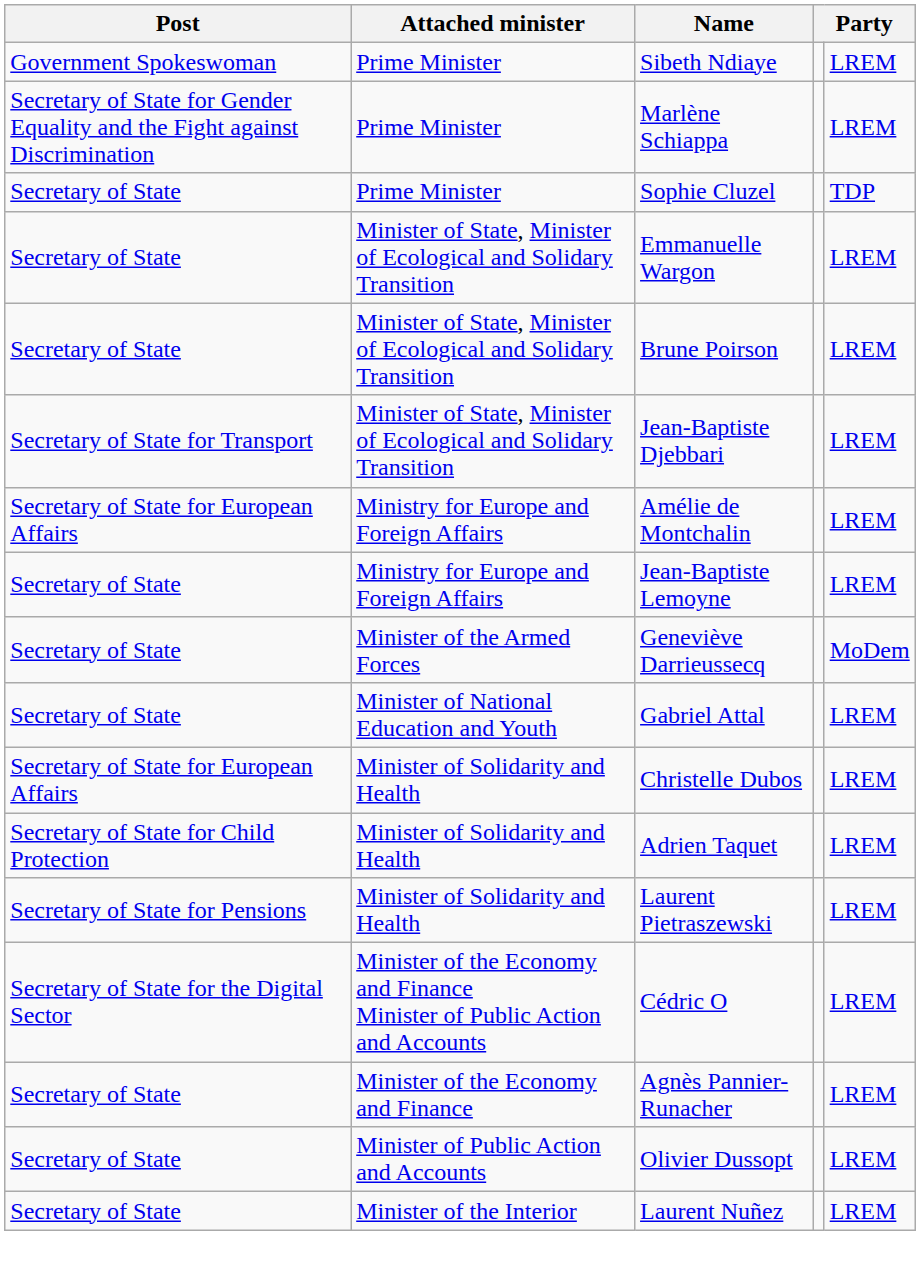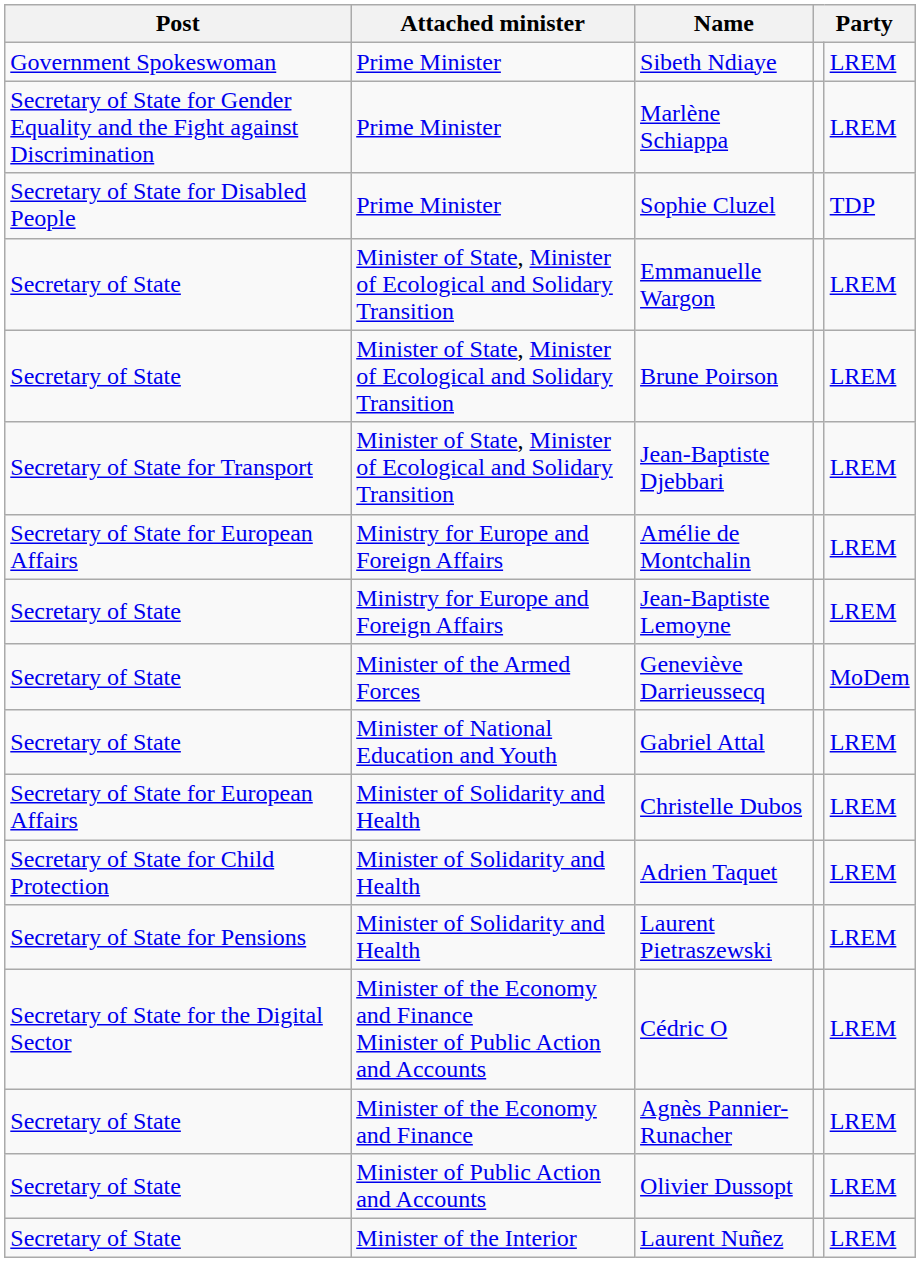 <table class="wikitable">
 <tr>
 <th scope="col">Post</th>
 <th scope="col">Attached minister</th>
 <th scope="col">Name</th>
 <th colspan="2" cope="col">Party</th>
 </tr>
 <tr>
 <td><a href='#'>Government Spokeswoman</a></td>
 <td><a href='#'>Prime Minister</a></td>
 <td><a href='#'>Sibeth Ndiaye</a></td>
 <td style="background:"></td>
 <td><a href='#'>LREM</a></td>
 </tr>
 <tr>
 <td><a href='#'>Secretary of State for Gender Equality and the Fight against Discrimination</a></td>
 <td><a href='#'>Prime Minister</a></td>
 <td><a href='#'>Marlène Schiappa</a></td>
 <td style="background:"></td>
 <td><a href='#'>LREM</a></td>
 </tr>
 <tr>
-<td><a href='#'>Secretary of State</a></td>
+<td><a href='#'>Secretary of State for Disabled People</a></td>
 <td><a href='#'>Prime Minister</a></td>
 <td><a href='#'>Sophie Cluzel</a></td>
 <td style="background:"></td>
 <td><a href='#'>TDP</a></td>
 </tr>
 <tr>
 <td><a href='#'>Secretary of State</a></td>
 <td><a href='#'>Minister of State</a>, <a href='#'>Minister of Ecological and Solidary Transition</a></td>
 <td><a href='#'>Emmanuelle Wargon</a></td>
 <td style="background:"></td>
 <td><a href='#'>LREM</a></td>
 </tr>
 <tr>
 <td><a href='#'>Secretary of State</a></td>
 <td><a href='#'>Minister of State</a>, <a href='#'>Minister of Ecological and Solidary Transition</a></td>
 <td><a href='#'>Brune Poirson</a></td>
 <td style="background:"></td>
 <td><a href='#'>LREM</a></td>
 </tr>
 <tr>
 <td><a href='#'>Secretary of State for Transport</a></td>
 <td><a href='#'>Minister of State</a>, <a href='#'>Minister of Ecological and Solidary Transition</a></td>
 <td><a href='#'>Jean-Baptiste Djebbari</a></td>
 <td style="background:"></td>
 <td><a href='#'>LREM</a></td>
 </tr>
 <tr>
 <td><a href='#'>Secretary of State for European Affairs</a></td>
 <td><a href='#'>Ministry for Europe and Foreign Affairs</a></td>
 <td><a href='#'>Amélie de Montchalin</a></td>
 <td style="background:"></td>
 <td><a href='#'>LREM</a></td>
 </tr>
 <tr>
 <td><a href='#'>Secretary of State</a></td>
 <td><a href='#'>Ministry for Europe and Foreign Affairs</a></td>
 <td><a href='#'>Jean-Baptiste Lemoyne</a></td>
 <td style="background:"></td>
 <td><a href='#'>LREM</a></td>
 </tr>
 <tr>
 <td><a href='#'>Secretary of State</a></td>
 <td><a href='#'>Minister of the Armed Forces</a></td>
 <td><a href='#'>Geneviève Darrieussecq</a></td>
 <td style="background:"></td>
 <td><a href='#'>MoDem</a></td>
 </tr>
 <tr>
 <td><a href='#'>Secretary of State</a></td>
 <td><a href='#'>Minister of National Education and Youth</a></td>
 <td><a href='#'>Gabriel Attal</a></td>
 <td style="background:"></td>
 <td><a href='#'>LREM</a></td>
 </tr>
 <tr>
 <td><a href='#'>Secretary of State for European Affairs</a></td>
 <td><a href='#'>Minister of Solidarity and Health</a></td>
 <td><a href='#'>Christelle Dubos</a></td>
 <td style="background:"></td>
 <td><a href='#'>LREM</a></td>
 </tr>
 <tr>
 <td><a href='#'>Secretary of State for Child Protection</a></td>
 <td><a href='#'>Minister of Solidarity and Health</a></td>
 <td><a href='#'>Adrien Taquet</a></td>
 <td style="background:"></td>
 <td><a href='#'>LREM</a></td>
 </tr>
 <tr>
 <td><a href='#'>Secretary of State for Pensions</a></td>
 <td><a href='#'>Minister of Solidarity and Health</a></td>
 <td><a href='#'>Laurent Pietraszewski</a></td>
 <td style="background:"></td>
 <td><a href='#'>LREM</a></td>
 </tr>
 <tr>
 <td><a href='#'>Secretary of State for the Digital Sector</a></td>
 <td><a href='#'>Minister of the Economy and Finance</a><br><a href='#'>Minister of Public Action and Accounts</a></td>
 <td><a href='#'>Cédric O</a></td>
 <td style="background:"></td>
 <td><a href='#'>LREM</a></td>
 </tr>
 <tr>
 <td><a href='#'>Secretary of State</a></td>
 <td><a href='#'>Minister of the Economy and Finance</a></td>
 <td><a href='#'>Agnès Pannier-Runacher</a></td>
 <td style="background:"></td>
 <td><a href='#'>LREM</a></td>
 </tr>
 <tr>
 <td><a href='#'>Secretary of State</a></td>
 <td><a href='#'>Minister of Public Action and Accounts</a></td>
 <td><a href='#'>Olivier Dussopt</a></td>
 <td style="background:"></td>
 <td><a href='#'>LREM</a></td>
 </tr>
 <tr>
 <td><a href='#'>Secretary of State</a></td>
 <td><a href='#'>Minister of the Interior</a></td>
 <td><a href='#'>Laurent Nuñez</a></td>
 <td style="background:"></td>
 <td><a href='#'>LREM</a></td>
 </tr>
 </table>
